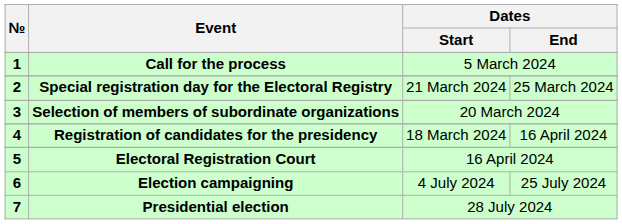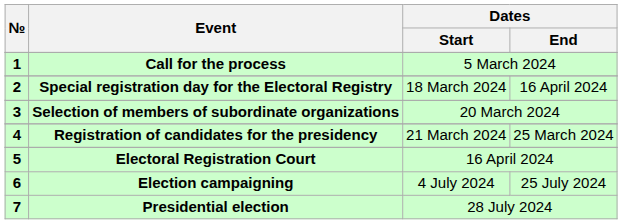 <table class="wikitable" style="text-align:center; margin-left: auto; margin-right: auto; border: none;">
 <tr>
 <th rowspan="2">№</th>
 <th rowspan="2">Event</th>
 <th colspan="2">Dates</th>
 </tr>
 <tr>
 <th>Start</th>
 <th>End</th>
 </tr>
 <tr>
 </tr>
 <tr style="background:#CCFFCC;">
 <td><strong>1</strong></td>
 <td><strong>Call for the process</strong></td>
 <td colspan="2">5 March 2024</td>
 </tr>
 <tr>
 </tr>
 <tr style="background:#CCFFCC;">
 <td><strong>2</strong></td>
 <td><strong>Special registration day for the Electoral Registry</strong></td>
-<td>21 March 2024</td>
-<td>25 March 2024</td>
+<td>18 March 2024</td>
+<td>16 April 2024</td>
 </tr>
 <tr>
 </tr>
 <tr style="background:#CCFFCC;">
 <td><strong>3</strong></td>
 <td><strong>Selection of members of subordinate organizations</strong></td>
 <td colspan="2">20 March 2024</td>
 </tr>
 <tr>
 </tr>
 <tr style="background:#CCFFCC;">
 <td><strong>4</strong></td>
 <td><strong>Registration of candidates for the presidency</strong></td>
-<td>18 March 2024</td>
-<td>16 April 2024</td>
+<td>21 March 2024</td>
+<td>25 March 2024</td>
 </tr>
 <tr>
 </tr>
 <tr style="background:#CCFFCC;">
 <td><strong>5</strong></td>
 <td><strong>Electoral Registration Court</strong></td>
 <td colspan="2">16 April 2024</td>
 </tr>
 <tr style="background:#CCFFCC;">
 <td><strong>6</strong></td>
 <td><strong>Election campaigning</strong></td>
 <td>4 July 2024</td>
 <td>25 July 2024</td>
 </tr>
 <tr style="background:#CCFFCC;">
 <td><strong>7</strong></td>
 <td><strong>Presidential election</strong></td>
 <td colspan="2">28 July 2024</td>
 </tr>
 </table>
